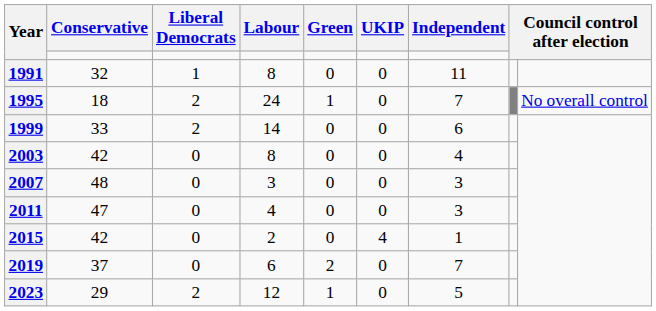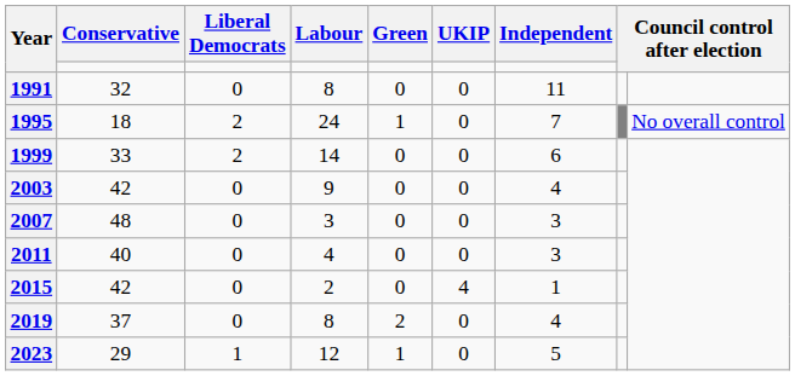 <table class="wikitable plainrowheaders" style="text-align:center">
 <tr>
 <th scope="col" rowspan="2">Year</th>
 <th scope="col"><a href='#'>Conservative</a></th>
 <th scope="col" style="width:1px"><a href='#'>Liberal Democrats</a></th>
 <th scope="col"><a href='#'>Labour</a></th>
 <th scope="col"><a href='#'>Green</a></th>
 <th scope="col"><a href='#'>UKIP</a></th>
 <th scope="col"><a href='#'>Independent</a></th>
 <th scope="col" rowspan="2" colspan="2">Council control<br>after election</th>
 </tr>
 <tr>
 <td style="background:"></td>
 <td style="background:"></td>
 <td style="background:"></td>
 <td style="background:"></td>
 <td style="background:"></td>
 <td style="background:"></td>
 </tr>
 <tr>
 <th scope="row"><a href='#'>1991</a></th>
 <td>32</td>
-<td>1</td>
+<td>0</td>
 <td>8</td>
 <td>0</td>
 <td>0</td>
 <td>11</td>
 <td></td>
 </tr>
 <tr>
 <th scope="row"><a href='#'>1995</a></th>
 <td>18</td>
 <td>2</td>
 <td>24</td>
 <td>1</td>
 <td>0</td>
 <td>7</td>
 <td bgcolor=grey></td>
 <td><a href='#'>No overall control</a></td>
 </tr>
 <tr>
 <th scope="row"><a href='#'>1999</a></th>
 <td>33</td>
 <td>2</td>
 <td>14</td>
 <td>0</td>
 <td>0</td>
 <td>6</td>
 <td></td>
 </tr>
 <tr>
 <th scope="row"><a href='#'>2003</a></th>
 <td>42</td>
 <td>0</td>
-<td>8</td>
+<td>9</td>
 <td>0</td>
 <td>0</td>
 <td>4</td>
 <td></td>
 </tr>
 <tr>
 <th scope="row"><a href='#'>2007</a></th>
 <td>48</td>
 <td>0</td>
 <td>3</td>
 <td>0</td>
 <td>0</td>
 <td>3</td>
 <td></td>
 </tr>
 <tr>
 <th scope="row"><a href='#'>2011</a></th>
-<td>47</td>
+<td>40</td>
 <td>0</td>
 <td>4</td>
 <td>0</td>
 <td>0</td>
 <td>3</td>
 <td></td>
 </tr>
 <tr>
 <th scope="row"><a href='#'>2015</a></th>
 <td>42</td>
 <td>0</td>
 <td>2</td>
 <td>0</td>
 <td>4</td>
 <td>1</td>
 <td></td>
 </tr>
 <tr>
 <th scope="row"><a href='#'>2019</a></th>
 <td>37</td>
 <td>0</td>
-<td>6</td>
+<td>8</td>
 <td>2</td>
 <td>0</td>
-<td>7</td>
+<td>4</td>
 <td></td>
 </tr>
 <tr>
 <th scope="row"><a href='#'>2023</a></th>
 <td>29</td>
-<td>2</td>
+<td>1</td>
 <td>12</td>
 <td>1</td>
 <td>0</td>
 <td>5</td>
 <td></td>
 </tr>
 </table>
